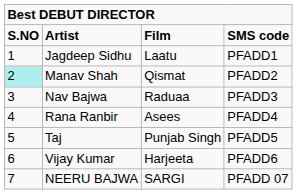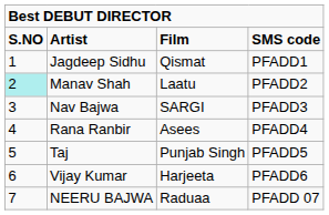 <table class="wikitable">
 <tr>
 <td colspan="4"><strong>Best DEBUT DIRECTOR</strong></td>
 </tr>
 <tr>
 <td><strong>S.NO</strong></td>
 <td><strong>Artist</strong></td>
 <td><strong>Film</strong></td>
 <td><strong>SMS code</strong></td>
 </tr>
 <tr>
 <td>1</td>
 <td>Jagdeep Sidhu</td>
-<td>Laatu</td>
+<td>Qismat</td>
 <td>PFADD1</td>
 </tr>
 <tr>
 <td style="background: paleturquoise;">2</td>
 <td>Manav Shah</td>
-<td>Qismat</td>
+<td>Laatu</td>
 <td>PFADD2</td>
 </tr>
 <tr>
 <td>3</td>
 <td>Nav Bajwa</td>
-<td>Raduaa</td>
+<td>SARGI</td>
 <td>PFADD3</td>
 </tr>
 <tr>
 <td>4</td>
 <td>Rana Ranbir</td>
 <td>Asees</td>
 <td>PFADD4</td>
 </tr>
 <tr>
 <td>5</td>
 <td>Taj</td>
 <td>Punjab Singh</td>
 <td>PFADD5</td>
 </tr>
 <tr>
 <td>6</td>
 <td>Vijay Kumar</td>
 <td>Harjeeta</td>
 <td>PFADD6</td>
 </tr>
 <tr>
 <td>7</td>
 <td>NEERU BAJWA</td>
-<td>SARGI</td>
+<td>Raduaa</td>
 <td>PFADD 07</td>
 </tr>
 </table>
